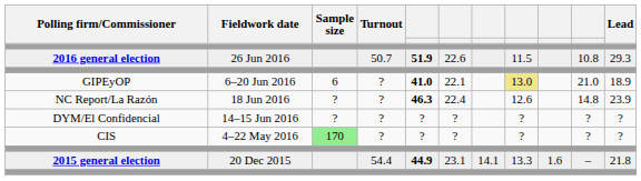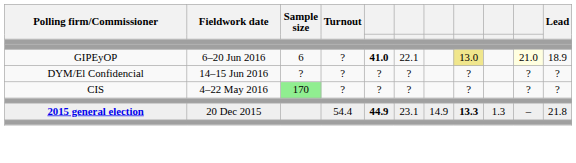 <table class="wikitable collapsible collapsed" style="text-align:center; font-size:95%; line-height:16px;">
 <tr style="height:42px; background-color:#E9E9E9">
 <th style="width:250px;" rowspan="2">Polling firm/Commissioner</th>
 <th style="width:125px;" rowspan="2">Fieldwork date</th>
 <th style="width:50px;" rowspan="2">Sample size</th>
 <th style="width:45px;" rowspan="2">Turnout</th>
 <th style="width:35px;"></th>
 <th style="width:35px;"></th>
 <th style="width:35px;"></th>
 <th style="width:35px;"></th>
 <th style="width:35px;"></th>
 <th style="width:35px;"></th>
 <th style="width:30px;" rowspan="2">Lead</th>
 </tr>
 <tr>
 <th style="color:inherit;background:"></th>
 <th style="color:inherit;background:"></th>
 <th style="color:inherit;background:"></th>
 <th style="color:inherit;background:"></th>
 <th style="color:inherit;background:"></th>
 <th style="color:inherit;background:"></th>
 </tr>
 <tr>
 <td colspan="11" style="background:#A0A0A0"></td>
 </tr>
-<tr style="background:#EFEFEF;">
-<td><strong><a href='#'>2016 general election</a></strong></td>
-<td>26 Jun 2016</td>
-<td></td>
-<td>50.7</td>
-<td><strong>51.9</strong><br></td>
-<td>22.6<br></td>
-<td></td>
-<td>11.5<br></td>
-<td></td>
-<td>10.8<br></td>
-<td style="background:">29.3</td>
-</tr>
 <tr>
 <td colspan="11" style="background:#A0A0A0"></td>
 </tr>
 <tr>
 <td>GIPEyOP</td>
 <td>6–20 Jun 2016</td>
 <td>6</td>
 <td>?</td>
 <td><strong>41.0</strong><br></td>
 <td>22.1<br></td>
 <td></td>
 <td style="background: khaki;">13.0<br></td>
 <td></td>
-<td>21.0<br></td>
+<td style="background: lightyellow;">21.0<br></td>
 <td style="background:">18.9</td>
-</tr>
-<tr>
-<td>NC Report/La Razón</td>
-<td>18 Jun 2016</td>
-<td>?</td>
-<td>?</td>
-<td><strong>46.3</strong><br></td>
-<td>22.4<br></td>
-<td></td>
-<td>12.6<br></td>
-<td></td>
-<td>14.8<br></td>
-<td style="background:">23.9</td>
 </tr>
 <tr>
 <td>DYM/El Confidencial</td>
 <td>14–15 Jun 2016</td>
 <td>?</td>
 <td>?</td>
 <td>?<br></td>
 <td>?<br></td>
 <td></td>
 <td>?<br></td>
 <td></td>
 <td>?<br></td>
 <td style="background:">?</td>
 </tr>
 <tr>
 <td>CIS</td>
 <td>4–22 May 2016</td>
 <td style="background: lightgreen;">170</td>
 <td>?</td>
 <td>?<br></td>
 <td>?<br></td>
 <td></td>
 <td>?<br></td>
 <td></td>
 <td>?<br></td>
 <td style="background:">?</td>
 </tr>
 <tr>
 <td colspan="11" style="background:#A0A0A0"></td>
 </tr>
 <tr style="background:#EFEFEF;">
 <td><strong><a href='#'>2015 general election</a></strong></td>
 <td>20 Dec 2015</td>
 <td></td>
 <td>54.4</td>
 <td><strong>44.9</strong><br></td>
 <td>23.1<br></td>
-<td>14.1<br></td>
-<td>13.3<br></td>
-<td>1.6<br></td>
+<td>14.9<br></td>
+<td><strong>13.3<br></strong></td>
+<td>1.3<br></td>
 <td>–</td>
 <td style="background:">21.8</td>
 </tr>
 <tr>
 <td colspan="11" style="background:#A0A0A0"></td>
 </tr>
 </table>
